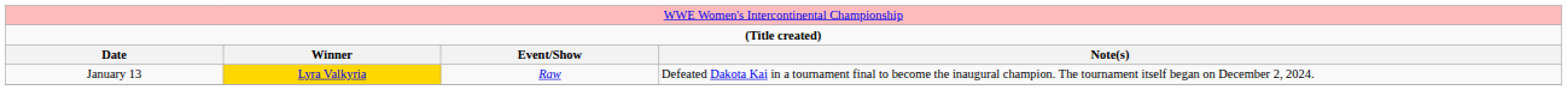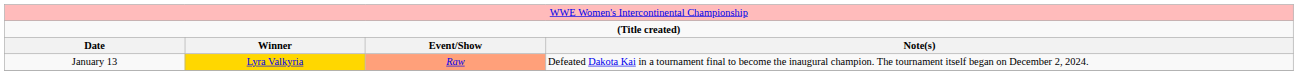 <table class="wikitable" style="text-align:center; width:100%;">
 <tr style="background:#FBB;">
 <td colspan="4" style="text-align: center;"><a href='#'>WWE Women's Intercontinental Championship</a></td>
 </tr>
 <tr>
 <td colspan="4" style="text-align: center;"><strong>(Title created)</strong></td>
 </tr>
 <tr>
 <th width="14%">Date</th>
 <th width="14%">Winner</th>
 <th width="14%">Event/Show</th>
 <th width="58%">Note(s)</th>
 </tr>
 <tr>
 <td>January 13</td>
 <td style="background: gold;"><a href='#'>Lyra Valkyria</a></td>
-<td><em><a href='#'>Raw</a></em></td>
+<td style="background: lightsalmon;"><em><a href='#'>Raw</a></em></td>
 <td align="left">Defeated <a href='#'>Dakota Kai</a> in a tournament final to become the inaugural champion. The tournament itself began on December 2, 2024.</td>
 </tr>
 <tr>
 </tr>
 </table>
